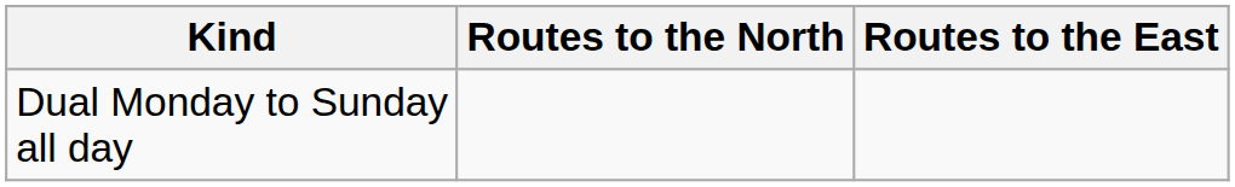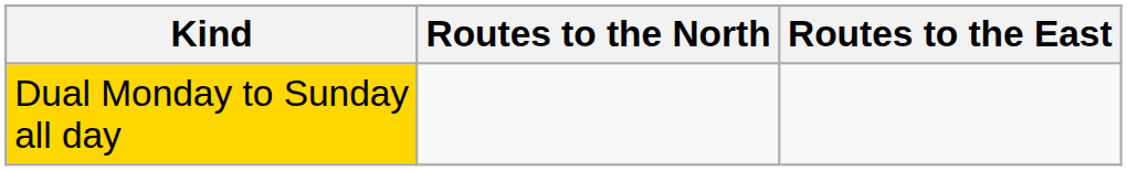 <table class="wikitable" style="margin:1em auto;">
 <tr>
 <th>Kind</th>
 <th>Routes to the North</th>
 <th>Routes to the East</th>
 </tr>
 <tr>
-<td>Dual Monday to Sunday <br> all day</td>
+<td style="background: gold;">Dual Monday to Sunday <br> all day</td>
 <td></td>
 <td></td>
 </tr>
 </table>
